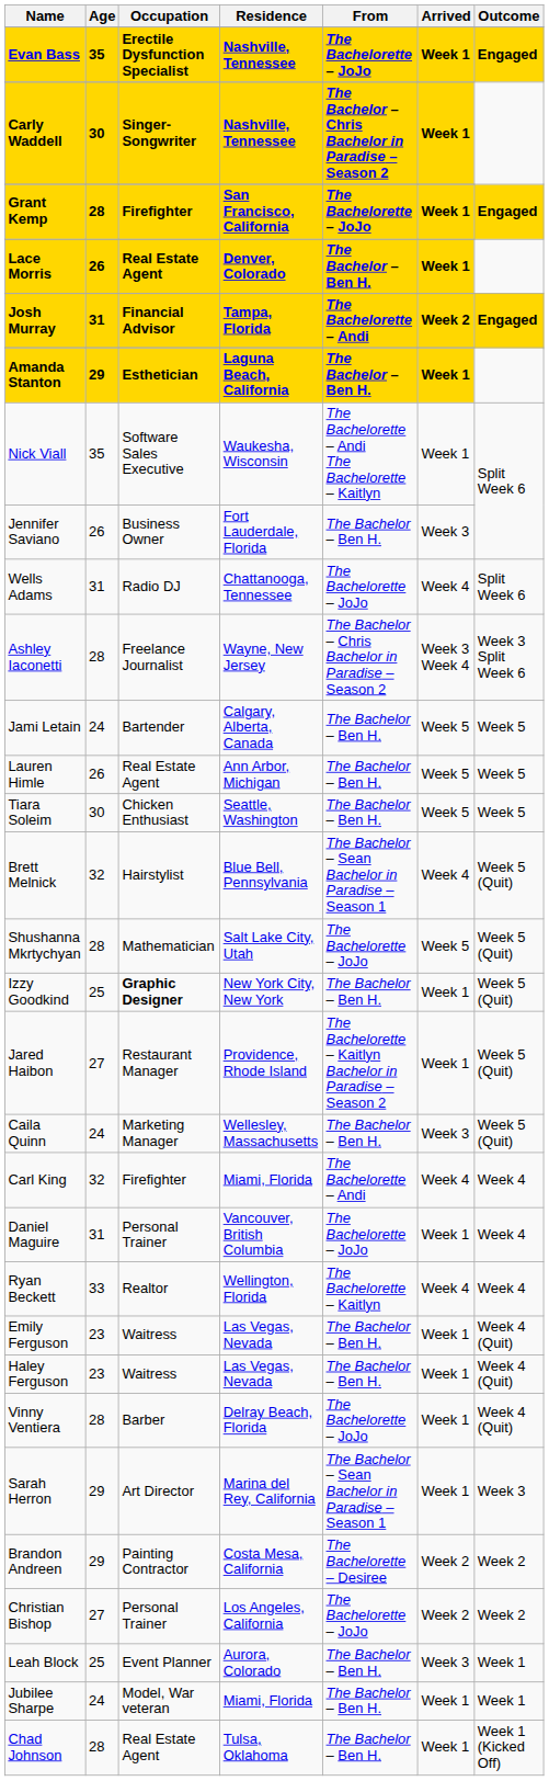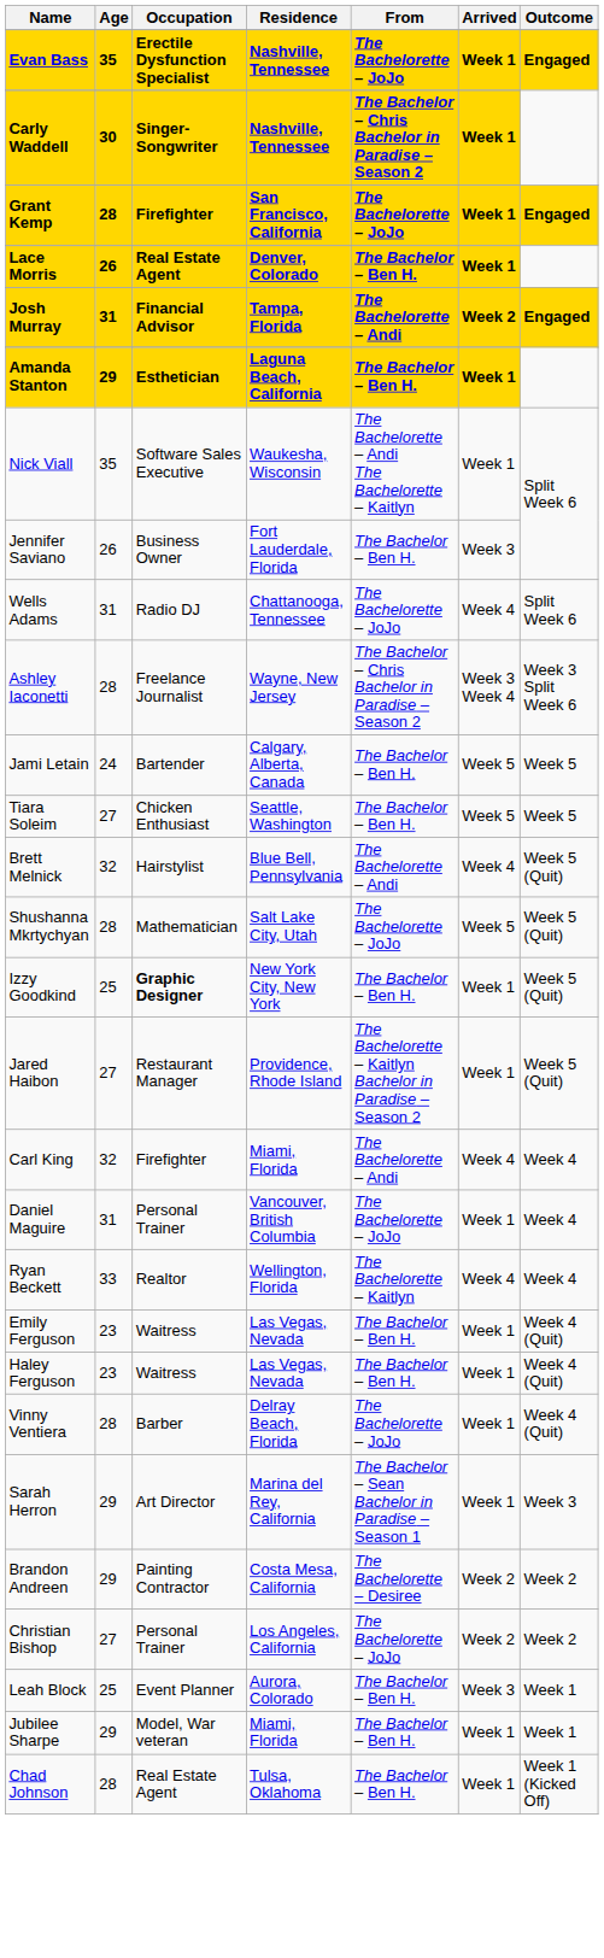 <table class="wikitable sortable" style="text-align:left;">
 <tr>
 <th>Name</th>
 <th>Age</th>
 <th>Occupation</th>
 <th>Residence</th>
 <th>From</th>
 <th>Arrived</th>
 <th>Outcome</th>
 </tr>
 <tr>
 </tr>
 <tr bgcolor ="gold">
 <td><strong><a href='#'>Evan Bass</a></strong></td>
 <td><strong>35</strong></td>
 <td><strong>Erectile Dysfunction Specialist</strong></td>
 <td><strong><a href='#'>Nashville, Tennessee</a></strong></td>
 <td><strong><a href='#'><em>The Bachelorette</em></a> – <a href='#'>JoJo</a></strong></td>
 <td><strong>Week 1</strong></td>
 <td rowspan="2"><strong>Engaged</strong></td>
 </tr>
 <tr>
 </tr>
 <tr bgcolor ="gold">
 <td><strong>Carly Waddell</strong></td>
 <td><strong>30</strong></td>
 <td><strong>Singer-Songwriter</strong></td>
 <td><strong><a href='#'>Nashville, Tennessee</a></strong></td>
 <td><strong><a href='#'><em>The Bachelor</em></a> – <a href='#'>Chris</a><br><a href='#'><em>Bachelor in Paradise</em> – Season 2</a></strong></td>
 <td><strong>Week 1</strong></td>
 </tr>
 <tr>
 </tr>
 <tr bgcolor ="gold">
 <td><strong>Grant Kemp</strong></td>
 <td><strong>28</strong></td>
 <td><strong>Firefighter</strong></td>
 <td><strong><a href='#'>San Francisco, California</a></strong></td>
 <td><strong><a href='#'><em>The Bachelorette</em></a> – <a href='#'>JoJo</a></strong></td>
 <td><strong>Week 1</strong></td>
 <td rowspan="2"><strong>Engaged</strong></td>
 </tr>
 <tr>
 </tr>
 <tr bgcolor ="gold">
 <td><strong>Lace Morris</strong></td>
 <td><strong>26</strong></td>
 <td><strong>Real Estate Agent</strong></td>
 <td><strong><a href='#'>Denver, Colorado</a></strong></td>
 <td><strong><a href='#'><em>The Bachelor</em></a> – <a href='#'>Ben H.</a></strong></td>
 <td><strong>Week 1</strong></td>
 </tr>
 <tr>
 </tr>
 <tr bgcolor ="gold">
 <td><strong>Josh Murray</strong></td>
 <td><strong>31</strong></td>
 <td><strong>Financial Advisor</strong></td>
 <td><strong><a href='#'>Tampa, Florida</a></strong></td>
 <td><strong><a href='#'><em>The Bachelorette</em></a> – <a href='#'>Andi</a></strong></td>
 <td><strong>Week 2</strong></td>
 <td rowspan="2"><strong>Engaged</strong></td>
 </tr>
 <tr>
 </tr>
 <tr bgcolor ="gold">
 <td><strong>Amanda Stanton</strong></td>
 <td><strong>29</strong></td>
 <td><strong>Esthetician</strong></td>
 <td><strong><a href='#'>Laguna Beach, California</a></strong></td>
 <td><strong><a href='#'><em>The Bachelor</em></a> – <a href='#'>Ben H.</a></strong></td>
 <td><strong>Week 1</strong></td>
 </tr>
 <tr>
 <td><a href='#'>Nick Viall</a></td>
 <td>35</td>
 <td>Software Sales Executive</td>
 <td><a href='#'>Waukesha, Wisconsin</a></td>
 <td><a href='#'><em>The Bachelorette</em></a> – <a href='#'>Andi</a> <br><a href='#'><em>The Bachelorette</em></a> – <a href='#'>Kaitlyn</a></td>
 <td>Week 1</td>
 <td rowspan="2">Split Week 6</td>
 </tr>
 <tr>
 <td>Jennifer Saviano</td>
 <td>26</td>
 <td>Business Owner</td>
 <td><a href='#'>Fort Lauderdale, Florida</a></td>
 <td><a href='#'><em>The Bachelor</em></a> – <a href='#'>Ben H.</a></td>
 <td>Week 3</td>
 </tr>
 <tr>
 <td>Wells Adams</td>
 <td>31</td>
 <td>Radio DJ</td>
 <td><a href='#'>Chattanooga, Tennessee</a></td>
 <td><a href='#'><em>The Bachelorette</em></a> – <a href='#'>JoJo</a></td>
 <td>Week 4</td>
 <td>Split Week 6</td>
 </tr>
 <tr>
 <td><a href='#'>Ashley Iaconetti</a></td>
 <td>28</td>
 <td>Freelance Journalist</td>
 <td><a href='#'>Wayne, New Jersey</a></td>
 <td><a href='#'><em>The Bachelor</em></a> – <a href='#'>Chris</a><br><a href='#'><em>Bachelor in Paradise</em> – Season 2</a></td>
 <td>Week 3<br>Week 4</td>
 <td>Week 3<br>Split Week 6</td>
 </tr>
 <tr>
 <td>Jami Letain</td>
 <td>24</td>
 <td>Bartender</td>
 <td><a href='#'>Calgary, Alberta, Canada</a></td>
 <td><a href='#'><em>The Bachelor</em></a> – <a href='#'>Ben H.</a></td>
 <td>Week 5</td>
 <td>Week 5</td>
 </tr>
 <tr>
-<td>Lauren Himle</td>
-<td>26</td>
-<td>Real Estate Agent</td>
-<td><a href='#'>Ann Arbor, Michigan</a></td>
-<td><a href='#'><em>The Bachelor</em></a> – <a href='#'>Ben H.</a></td>
-<td>Week 5</td>
-<td>Week 5</td>
-</tr>
-<tr>
 <td>Tiara Soleim</td>
-<td>30</td>
+<td>27</td>
 <td>Chicken Enthusiast</td>
 <td><a href='#'>Seattle, Washington</a></td>
 <td><a href='#'><em>The Bachelor</em></a> – <a href='#'>Ben H.</a></td>
 <td>Week 5</td>
 <td>Week 5</td>
 </tr>
 <tr>
 <td>Brett Melnick</td>
 <td>32</td>
 <td>Hairstylist</td>
 <td><a href='#'>Blue Bell, Pennsylvania</a></td>
-<td><a href='#'><em>The Bachelor</em></a> – <a href='#'>Sean</a><br><a href='#'><em>Bachelor in Paradise</em> – Season 1</a></td>
+<td><a href='#'><em>The Bachelorette</em></a> – <a href='#'>Andi</a></td>
 <td>Week 4</td>
 <td>Week 5 (Quit)</td>
 </tr>
 <tr>
 <td>Shushanna Mkrtychyan</td>
 <td>28</td>
 <td>Mathematician</td>
 <td><a href='#'>Salt Lake City, Utah</a></td>
 <td><a href='#'><em>The Bachelorette</em></a> – <a href='#'>JoJo</a></td>
 <td>Week 5</td>
 <td>Week 5 (Quit)</td>
 </tr>
 <tr>
 <td>Izzy Goodkind</td>
 <td>25</td>
 <td><strong>Graphic Designer</strong></td>
 <td><a href='#'>New York City, New York</a></td>
 <td><a href='#'><em>The Bachelor</em></a> – <a href='#'>Ben H.</a></td>
 <td>Week 1</td>
 <td>Week 5 (Quit)</td>
 </tr>
 <tr>
 <td>Jared Haibon</td>
 <td>27</td>
 <td>Restaurant Manager</td>
 <td><a href='#'>Providence, Rhode Island</a></td>
 <td><a href='#'><em>The Bachelorette</em></a> – <a href='#'>Kaitlyn</a><br><a href='#'><em>Bachelor in Paradise</em> – Season 2</a></td>
 <td>Week 1</td>
-<td>Week 5 (Quit)</td>
-</tr>
-<tr>
-<td>Caila Quinn</td>
-<td>24</td>
-<td>Marketing Manager</td>
-<td><a href='#'>Wellesley, Massachusetts</a></td>
-<td><a href='#'><em>The Bachelor</em></a> – <a href='#'>Ben H.</a></td>
-<td>Week 3</td>
 <td>Week 5 (Quit)</td>
 </tr>
 <tr>
 <td>Carl King</td>
 <td>32</td>
 <td>Firefighter</td>
 <td><a href='#'>Miami, Florida</a></td>
 <td><a href='#'><em>The Bachelorette</em></a> – <a href='#'>Andi</a></td>
 <td>Week 4</td>
 <td>Week 4</td>
 </tr>
 <tr>
 <td>Daniel Maguire</td>
 <td>31</td>
 <td>Personal Trainer</td>
 <td><a href='#'>Vancouver, British Columbia</a></td>
 <td><a href='#'><em>The Bachelorette</em></a> – <a href='#'>JoJo</a></td>
 <td>Week 1</td>
 <td>Week 4</td>
 </tr>
 <tr>
 <td>Ryan Beckett</td>
 <td>33</td>
 <td>Realtor</td>
 <td><a href='#'>Wellington, Florida</a></td>
 <td><a href='#'><em>The Bachelorette</em></a> – <a href='#'>Kaitlyn</a></td>
 <td>Week 4</td>
 <td>Week 4</td>
 </tr>
 <tr>
 <td>Emily Ferguson</td>
 <td>23</td>
 <td>Waitress</td>
 <td><a href='#'>Las Vegas, Nevada</a></td>
 <td><a href='#'><em>The Bachelor</em></a> – <a href='#'>Ben H.</a></td>
 <td>Week 1</td>
 <td>Week 4 (Quit)</td>
 </tr>
 <tr>
 <td>Haley Ferguson</td>
 <td>23</td>
 <td>Waitress</td>
 <td><a href='#'>Las Vegas, Nevada</a></td>
 <td><a href='#'><em>The Bachelor</em></a> – <a href='#'>Ben H.</a></td>
 <td>Week 1</td>
 <td>Week 4 (Quit)</td>
 </tr>
 <tr>
 <td>Vinny Ventiera</td>
 <td>28</td>
 <td>Barber</td>
 <td><a href='#'>Delray Beach, Florida</a></td>
 <td><a href='#'><em>The Bachelorette</em></a> – <a href='#'>JoJo</a></td>
 <td>Week 1</td>
 <td>Week 4 (Quit)</td>
 </tr>
 <tr>
 <td>Sarah Herron</td>
 <td>29</td>
 <td>Art Director</td>
 <td><a href='#'>Marina del Rey, California</a></td>
 <td><a href='#'><em>The Bachelor</em></a> – <a href='#'>Sean</a><br><a href='#'><em>Bachelor in Paradise</em> – Season 1</a></td>
 <td>Week 1</td>
 <td>Week 3</td>
 </tr>
 <tr>
 <td>Brandon Andreen</td>
 <td>29</td>
 <td>Painting Contractor</td>
 <td><a href='#'>Costa Mesa, California</a></td>
 <td><a href='#'><em>The Bachelorette</em> – Desiree</a></td>
 <td>Week 2</td>
 <td>Week 2</td>
 </tr>
 <tr>
 <td>Christian Bishop</td>
 <td>27</td>
 <td>Personal Trainer</td>
 <td><a href='#'>Los Angeles, California</a></td>
 <td><a href='#'><em>The Bachelorette</em></a> – <a href='#'>JoJo</a></td>
 <td>Week 2</td>
 <td>Week 2</td>
 </tr>
 <tr>
 <td>Leah Block</td>
 <td>25</td>
 <td>Event Planner</td>
 <td><a href='#'>Aurora, Colorado</a></td>
 <td><a href='#'><em>The Bachelor</em></a> – <a href='#'>Ben H.</a></td>
 <td>Week 3</td>
 <td>Week 1</td>
 </tr>
 <tr>
 <td>Jubilee Sharpe</td>
-<td>24</td>
+<td>29</td>
 <td>Model, War veteran</td>
 <td><a href='#'>Miami, Florida</a></td>
 <td><a href='#'><em>The Bachelor</em></a> – <a href='#'>Ben H.</a></td>
 <td>Week 1</td>
 <td>Week 1</td>
 </tr>
 <tr>
 <td><a href='#'>Chad Johnson</a></td>
 <td>28</td>
 <td>Real Estate Agent</td>
 <td><a href='#'>Tulsa, Oklahoma</a></td>
 <td><a href='#'><em>The Bachelor</em></a> – <a href='#'>Ben H.</a></td>
 <td>Week 1</td>
 <td>Week 1 (Kicked Off)</td>
 </tr>
 </table>
